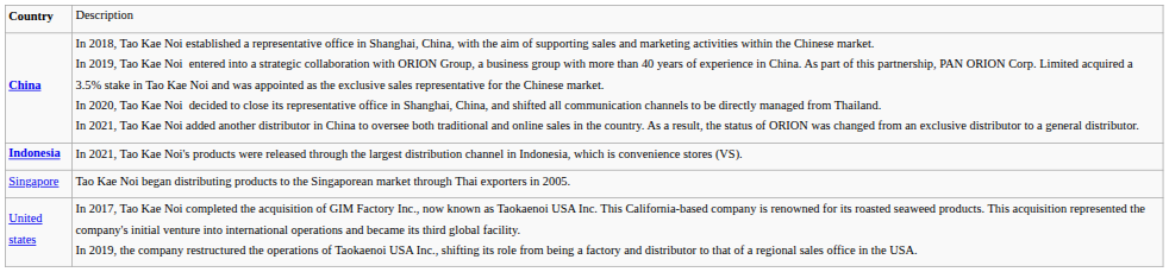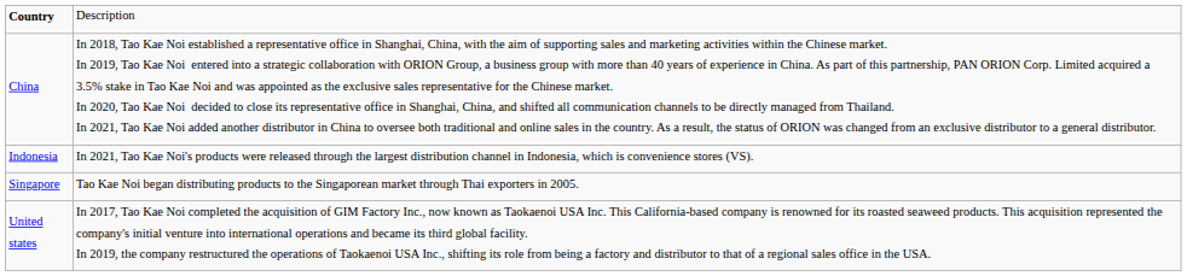 <table class="wikitable">
 <tr>
 <td><strong><sup>Country</sup></strong></td>
 <td><sup>Description</sup></td>
 </tr>
 <tr>
-<td><strong><sup><a href='#'>China</a></sup></strong></td>
+<td><sup><a href='#'>China</a></sup></td>
 <td><sup>In 2018, Tao Kae Noi established a representative office in Shanghai, China, with the aim of supporting sales and marketing activities within the Chinese market.</sup><br><sup>In 2019, Tao Kae Noi  entered into a strategic collaboration with ORION Group, a business group with more than 40 years of experience in China. As part of this partnership, PAN ORION Corp. Limited acquired a 3.5% stake in Tao Kae Noi and was appointed as the exclusive sales representative for the Chinese market.</sup><br><sup>In 2020, Tao Kae Noi  decided to close its representative office in Shanghai, China, and shifted all communication channels to be directly managed from Thailand.</sup><br><sup>In 2021, Tao Kae Noi added another distributor in China to oversee both traditional and online sales in the country. As a result, the status of ORION was changed from an exclusive distributor to a general distributor.</sup><br></td>
 </tr>
 <tr>
-<td><strong><sup><a href='#'>Indonesia</a></sup></strong></td>
+<td><sup><a href='#'>Indonesia</a></sup></td>
 <td><sup>In 2021, Tao Kae Noi's products were released through the largest distribution channel in Indonesia, which is convenience stores (VS).</sup></td>
 </tr>
 <tr>
 <td><sup><a href='#'>Singapore</a></sup></td>
 <td><sup>Tao Kae Noi began distributing products to the Singaporean market through Thai exporters in 2005.</sup></td>
 </tr>
 <tr>
 <td><sup><a href='#'>United states</a></sup></td>
 <td><sup>In 2017, Tao Kae Noi completed the acquisition of GIM Factory Inc., now known as Taokaenoi USA Inc. This California-based company is renowned for its roasted seaweed products. This acquisition represented the company's initial venture into international operations and became its third global facility.</sup><br><sup>In 2019, the company restructured the operations of Taokaenoi USA Inc., shifting its role from being a factory and distributor to that of a regional sales office in the USA.</sup><br></td>
 </tr>
 </table>
